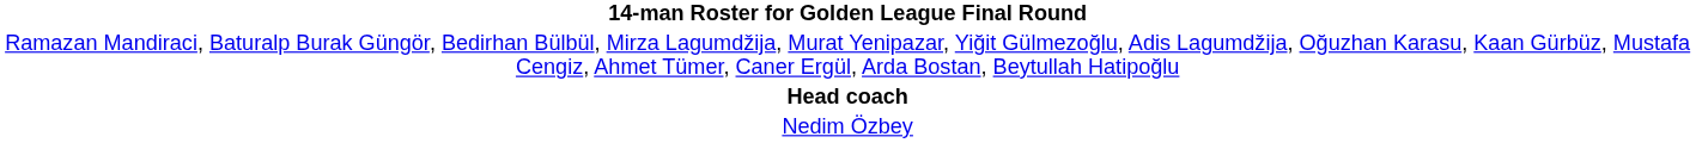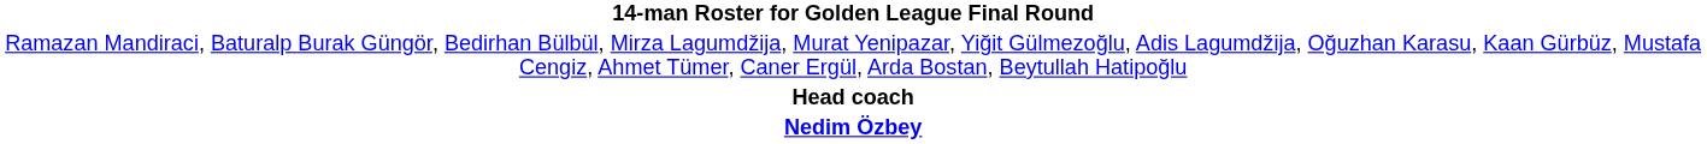 <table style="text-align:center; margin-top:2em; margin-left:auto; margin-right:auto">
 <tr>
 <td><strong>14-man Roster for Golden League Final Round</strong></td>
 </tr>
 <tr>
 <td><a href='#'>Ramazan Mandiraci</a>, <a href='#'>Baturalp Burak Güngör</a>, <a href='#'>Bedirhan Bülbül</a>, <a href='#'>Mirza Lagumdžija</a>, <a href='#'>Murat Yenipazar</a>, <a href='#'>Yiğit Gülmezoğlu</a>, <a href='#'>Adis Lagumdžija</a>, <a href='#'>Oğuzhan Karasu</a>, <a href='#'>Kaan Gürbüz</a>, <a href='#'>Mustafa Cengiz</a>, <a href='#'>Ahmet Tümer</a>, <a href='#'>Caner Ergül</a>, <a href='#'>Arda Bostan</a>, <a href='#'>Beytullah Hatipoğlu</a></td>
 </tr>
 <tr>
 <td><strong>Head coach</strong></td>
 </tr>
 <tr>
-<td><a href='#'>Nedim Özbey</a></td>
+<td><strong><a href='#'>Nedim Özbey</a></strong></td>
 </tr>
 </table>
